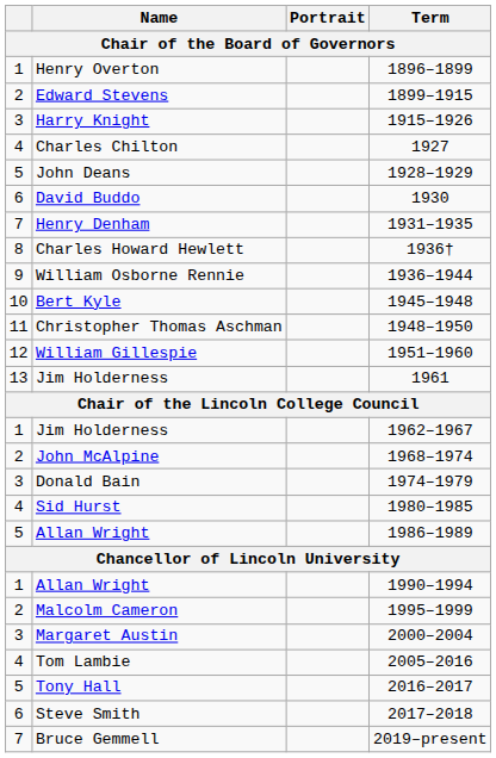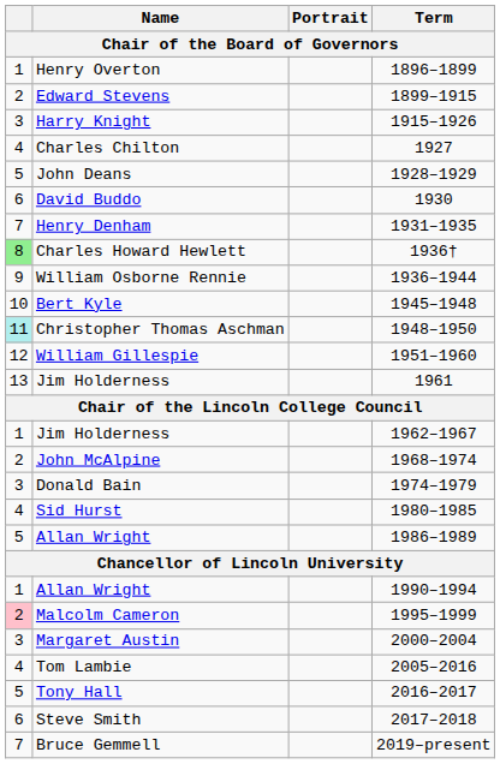 <table class="wikitable mw-collapsible mw-collapsed">
 <tr>
 <th></th>
 <th>Name</th>
 <th>Portrait</th>
 <th>Term</th>
 </tr>
 <tr>
 <th colspan=4>Chair of the Board of Governors</th>
 </tr>
 <tr>
 <td align=center>1</td>
 <td>Henry Overton</td>
 <td></td>
 <td align=center>1896–1899</td>
 </tr>
 <tr>
 <td align=center>2</td>
 <td><a href='#'>Edward Stevens</a></td>
 <td></td>
 <td align=center>1899–1915</td>
 </tr>
 <tr>
 <td align=center>3</td>
 <td><a href='#'>Harry Knight</a></td>
 <td></td>
 <td align=center>1915–1926</td>
 </tr>
 <tr>
 <td align=center>4</td>
 <td>Charles Chilton</td>
 <td></td>
 <td align=center>1927</td>
 </tr>
 <tr>
 <td align=center>5</td>
 <td>John Deans</td>
 <td></td>
 <td align=center>1928–1929</td>
 </tr>
 <tr>
 <td align=center>6</td>
 <td><a href='#'>David Buddo</a></td>
 <td></td>
 <td align=center>1930</td>
 </tr>
 <tr>
 <td align=center>7</td>
 <td><a href='#'>Henry Denham</a></td>
 <td></td>
 <td align=center>1931–1935</td>
 </tr>
 <tr>
-<td align=center>8</td>
+<td align=center style="background: lightgreen;">8</td>
 <td>Charles Howard Hewlett</td>
 <td></td>
 <td align=center>1936†</td>
 </tr>
 <tr>
 <td align=center>9</td>
 <td>William Osborne Rennie</td>
 <td></td>
 <td align=center>1936–1944</td>
 </tr>
 <tr>
 <td align=center>10</td>
 <td><a href='#'>Bert Kyle</a></td>
 <td></td>
 <td align=center>1945–1948</td>
 </tr>
 <tr>
-<td align=center>11</td>
+<td align=center style="background: paleturquoise;">11</td>
 <td>Christopher Thomas Aschman</td>
 <td></td>
 <td align=center>1948–1950</td>
 </tr>
 <tr>
 <td align=center>12</td>
 <td><a href='#'>William Gillespie</a></td>
 <td></td>
 <td align=center>1951–1960</td>
 </tr>
 <tr>
 <td align=center>13</td>
 <td>Jim Holderness</td>
 <td></td>
 <td align=center>1961</td>
 </tr>
 <tr>
 <th colspan=4>Chair of the Lincoln College Council</th>
 </tr>
 <tr>
 <td align=center>1</td>
 <td>Jim Holderness</td>
 <td></td>
 <td align=center>1962–1967</td>
 </tr>
 <tr>
 <td align=center>2</td>
 <td><a href='#'>John McAlpine</a></td>
 <td></td>
 <td align=center>1968–1974</td>
 </tr>
 <tr>
 <td align=center>3</td>
 <td>Donald Bain</td>
 <td></td>
 <td align=center>1974–1979</td>
 </tr>
 <tr>
 <td align=center>4</td>
 <td><a href='#'>Sid Hurst</a></td>
 <td></td>
 <td align=center>1980–1985</td>
 </tr>
 <tr>
 <td align=center>5</td>
 <td><a href='#'>Allan Wright</a></td>
 <td></td>
 <td align=center>1986–1989</td>
 </tr>
 <tr>
 <th colspan=4>Chancellor of Lincoln University</th>
 </tr>
 <tr>
 <td align=center>1</td>
 <td><a href='#'>Allan Wright</a></td>
 <td></td>
 <td align=center>1990–1994</td>
 </tr>
 <tr>
-<td align=center>2</td>
+<td align=center style="background: pink;">2</td>
 <td><a href='#'>Malcolm Cameron</a></td>
 <td></td>
 <td align=center>1995–1999</td>
 </tr>
 <tr>
 <td align=center>3</td>
 <td><a href='#'>Margaret Austin</a></td>
 <td></td>
 <td align=center>2000–2004</td>
 </tr>
 <tr>
 <td align=center>4</td>
 <td>Tom Lambie</td>
 <td></td>
 <td align=center>2005–2016</td>
 </tr>
 <tr>
 <td align=center>5</td>
 <td><a href='#'>Tony Hall</a></td>
 <td></td>
 <td align=center>2016–2017</td>
 </tr>
 <tr>
 <td align=center>6</td>
 <td>Steve Smith</td>
 <td></td>
 <td align=center>2017–2018</td>
 </tr>
 <tr>
 <td align=center>7</td>
 <td>Bruce Gemmell</td>
 <td></td>
 <td align=center>2019–present</td>
 </tr>
 </table>
